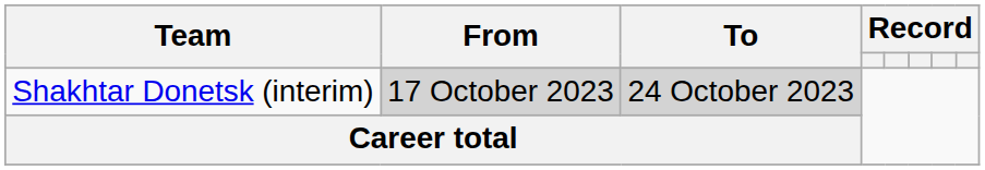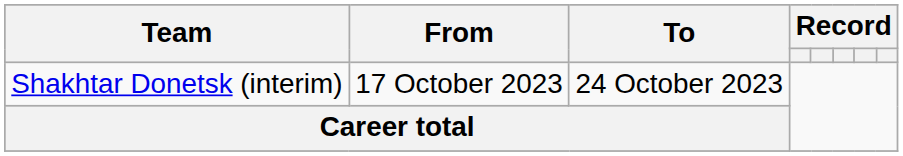 <table class="wikitable" style="text-align:center">
 <tr>
 <th rowspan=2>Team</th>
 <th rowspan=2>From</th>
 <th rowspan=2>To</th>
 <th colspan=8>Record</th>
 </tr>
 <tr>
 <th></th>
 <th></th>
 <th></th>
 <th></th>
 <th></th>
 </tr>
 <tr>
 <td align=left><a href='#'>Shakhtar Donetsk</a> (interim)</td>
-<td align=left style="background: lightgrey;">17 October 2023</td>
-<td align=left style="background: lightgrey;">24 October 2023<br></td>
+<td align=left>17 October 2023</td>
+<td align=left>24 October 2023<br></td>
 </tr>
 <tr>
 <th colspan=3>Career total<br></th>
 </tr>
 </table>
